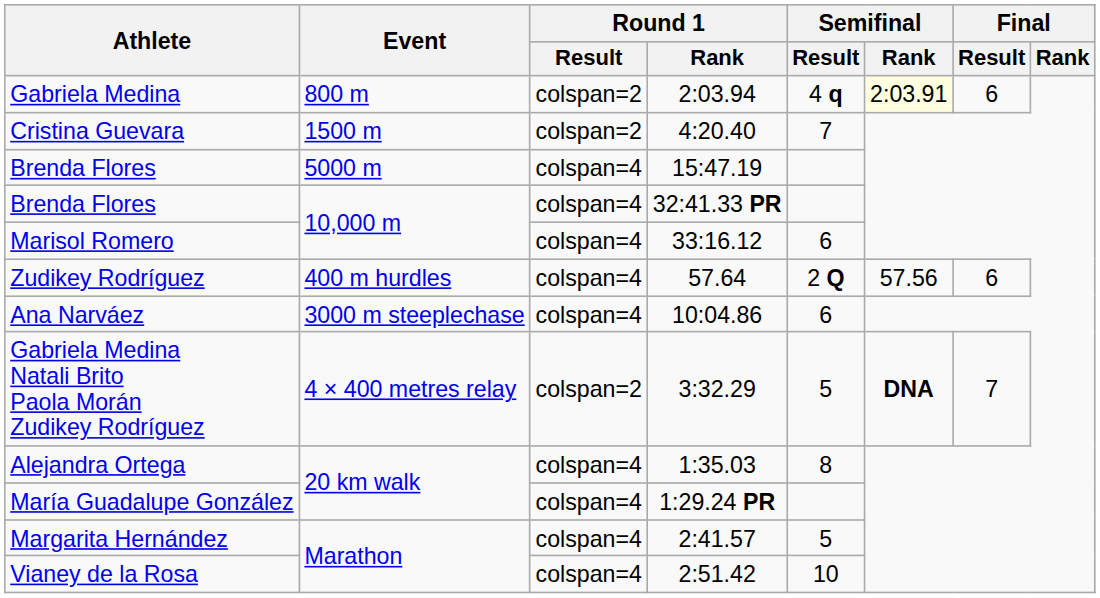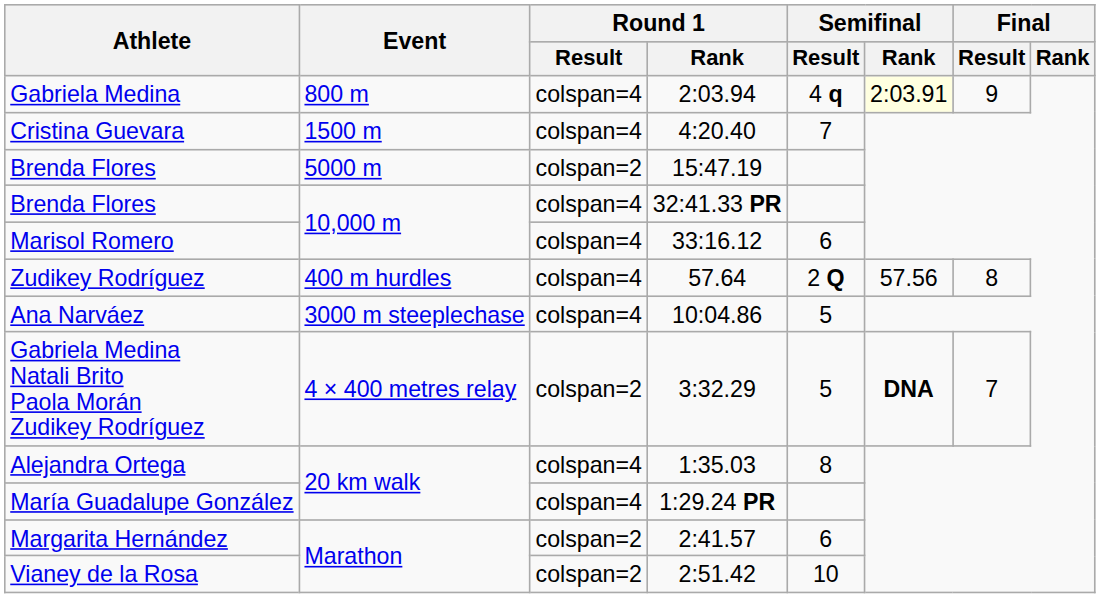 <table class=wikitable style="font-size:90%">
 <tr>
 <th rowspan="2">Athlete</th>
 <th rowspan="2">Event</th>
 <th colspan="2">Round 1</th>
 <th colspan="2">Semifinal</th>
 <th colspan="2">Final</th>
 </tr>
 <tr style="font-size:95%">
 <th>Result</th>
 <th>Rank</th>
 <th>Result</th>
 <th>Rank</th>
 <th>Result</th>
 <th>Rank</th>
 </tr>
 <tr align=center>
 <td align=left><a href='#'>Gabriela Medina</a></td>
 <td align=left><a href='#'>800 m</a></td>
-<td>colspan=2 </td>
+<td>colspan=4 </td>
 <td>2:03.94</td>
 <td>4 <strong>q</strong></td>
 <td style="background: lightyellow;">2:03.91</td>
-<td>6</td>
+<td>9</td>
 </tr>
 <tr align=center>
 <td align=left><a href='#'>Cristina Guevara</a></td>
 <td align=left><a href='#'>1500 m</a></td>
-<td>colspan=2 </td>
+<td>colspan=4 </td>
 <td>4:20.40</td>
 <td>7</td>
 </tr>
 <tr align=center>
 <td align=left><a href='#'>Brenda Flores</a></td>
 <td align=left><a href='#'>5000 m</a></td>
-<td>colspan=4 </td>
+<td>colspan=2 </td>
 <td>15:47.19</td>
 <td></td>
 </tr>
 <tr align=center>
 <td align=left><a href='#'>Brenda Flores</a></td>
 <td align=left rowspan="2"><a href='#'>10,000 m</a></td>
 <td>colspan=4 </td>
 <td>32:41.33 <strong>PR</strong></td>
 <td></td>
 </tr>
 <tr align=center>
 <td align=left><a href='#'>Marisol Romero</a></td>
 <td>colspan=4 </td>
 <td>33:16.12</td>
 <td>6</td>
 </tr>
 <tr align=center>
 <td align=left><a href='#'>Zudikey Rodríguez</a></td>
 <td align=left><a href='#'>400 m hurdles</a></td>
 <td>colspan=4 </td>
 <td>57.64</td>
 <td>2 <strong>Q</strong></td>
 <td>57.56</td>
-<td>6</td>
+<td>8</td>
 </tr>
 <tr align=center>
 <td align=left><a href='#'>Ana Narváez</a></td>
 <td align=left><a href='#'>3000 m steeplechase</a></td>
 <td>colspan=4 </td>
 <td>10:04.86</td>
-<td>6</td>
+<td>5</td>
 </tr>
 <tr align=center>
 <td align=left><a href='#'>Gabriela Medina</a><br><a href='#'>Natali Brito</a><br><a href='#'>Paola Morán</a><br><a href='#'>Zudikey Rodríguez</a></td>
 <td align=left><a href='#'>4 × 400 metres relay</a></td>
 <td>colspan=2 </td>
 <td>3:32.29</td>
 <td>5</td>
 <td><strong>DNA</strong></td>
 <td>7</td>
 </tr>
 <tr align=center>
 <td align=left><a href='#'>Alejandra Ortega</a></td>
 <td align=left rowspan="2"><a href='#'>20 km walk</a></td>
 <td>colspan=4 </td>
 <td>1:35.03</td>
 <td>8</td>
 </tr>
 <tr align=center>
 <td align=left><a href='#'>María Guadalupe González</a></td>
 <td>colspan=4 </td>
 <td>1:29.24 <strong>PR</strong></td>
 <td></td>
 </tr>
 <tr align=center>
 <td align=left><a href='#'>Margarita Hernández</a></td>
 <td align=left rowspan="2"><a href='#'>Marathon</a></td>
-<td>colspan=4 </td>
+<td>colspan=2 </td>
 <td>2:41.57</td>
-<td>5</td>
+<td>6</td>
 </tr>
 <tr align=center>
 <td align=left><a href='#'>Vianey de la Rosa</a></td>
-<td>colspan=4 </td>
+<td>colspan=2 </td>
 <td>2:51.42</td>
 <td>10</td>
 </tr>
 </table>
